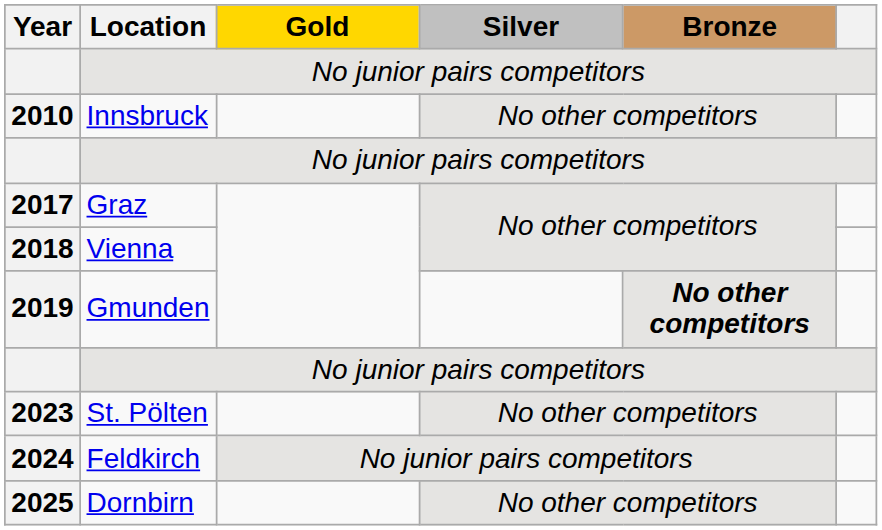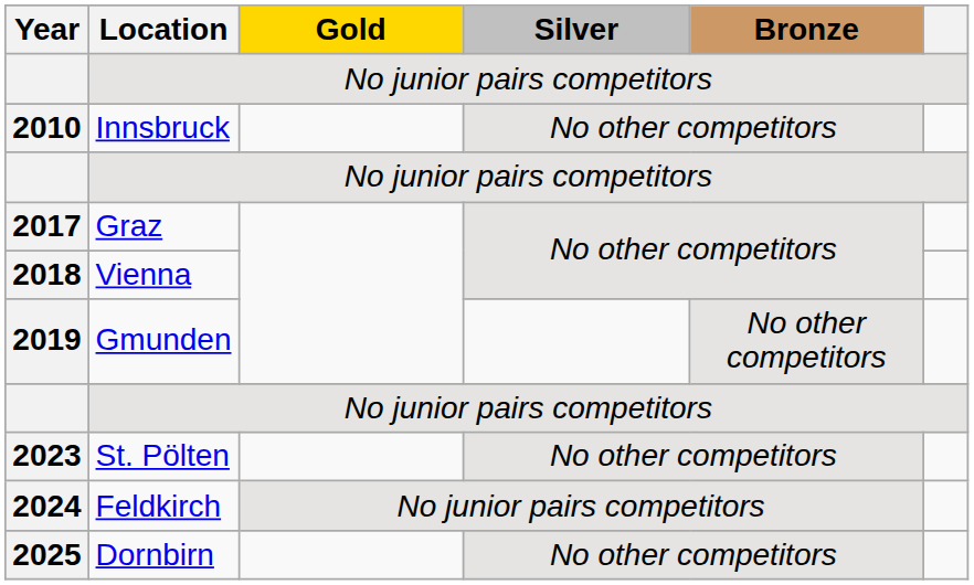 <table class="wikitable unsortable" style="text-align:left; width:80%">
 <tr>
 <th scope="col" style="text-align:center; width:5%">Year</th>
 <th scope="col" style="text-align:center; width:15%">Location</th>
 <th scope="col" style="text-align:center; width:25%; background:gold">Gold</th>
 <th scope="col" style="text-align:center; width:25%; background:silver">Silver</th>
 <th scope="col" style="text-align:center; width:25%; background:#c96">Bronze</th>
 <th scope="col" style="text-align:center; width:5%"></th>
 </tr>
 <tr>
 <th scope="row" style="text-align:left"></th>
 <td colspan="5" align="center" bgcolor="e5e4e2"><em>No junior pairs competitors</em></td>
 </tr>
 <tr>
 <th scope="row" style="text-align:left">2010</th>
 <td><a href='#'>Innsbruck</a></td>
 <td></td>
 <td colspan="2" align="center" bgcolor="e5e4e2"><em>No other competitors</em></td>
 <td></td>
 </tr>
 <tr>
 <th scope="row" style="text-align:left"></th>
 <td colspan="5" align="center" bgcolor="e5e4e2"><em>No junior pairs competitors</em></td>
 </tr>
 <tr>
 <th scope="row" style="text-align:left">2017</th>
 <td><a href='#'>Graz</a></td>
 <td rowspan="3"></td>
 <td colspan="2" rowspan="2" align="center" bgcolor="e5e4e2"><em>No other competitors</em></td>
 <td></td>
 </tr>
 <tr>
 <th scope="row" style="text-align:left">2018</th>
 <td><a href='#'>Vienna</a></td>
 <td></td>
 </tr>
 <tr>
 <th scope="row" style="text-align:left">2019</th>
 <td><a href='#'>Gmunden</a></td>
 <td></td>
-<td align="center" bgcolor="e5e4e2"><strong><em>No other competitors</em></strong></td>
+<td align="center" bgcolor="e5e4e2"><em>No other competitors</em></td>
 <td></td>
 </tr>
 <tr>
 <th scope="row" style="text-align:left"></th>
 <td colspan="5" align="center" bgcolor="e5e4e2"><em>No junior pairs competitors</em></td>
 </tr>
 <tr>
 <th scope="row" style="text-align:left">2023</th>
 <td><a href='#'>St. Pölten</a></td>
 <td></td>
 <td colspan="2" align="center" bgcolor="e5e4e2"><em>No other competitors</em></td>
 <td></td>
 </tr>
 <tr>
 <th scope="row" style="text-align:left">2024</th>
 <td><a href='#'>Feldkirch</a></td>
 <td colspan="3" align="center" bgcolor="e5e4e2"><em>No junior pairs competitors</em></td>
 <td></td>
 </tr>
 <tr>
 <th scope="row" style="text-align:left">2025</th>
 <td><a href='#'>Dornbirn</a></td>
 <td></td>
 <td colspan="2" align="center" bgcolor="e5e4e2"><em>No other competitors</em></td>
 <td></td>
 </tr>
 </table>
